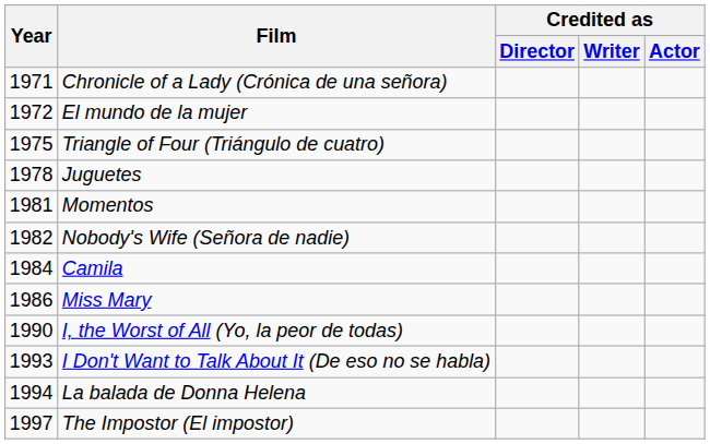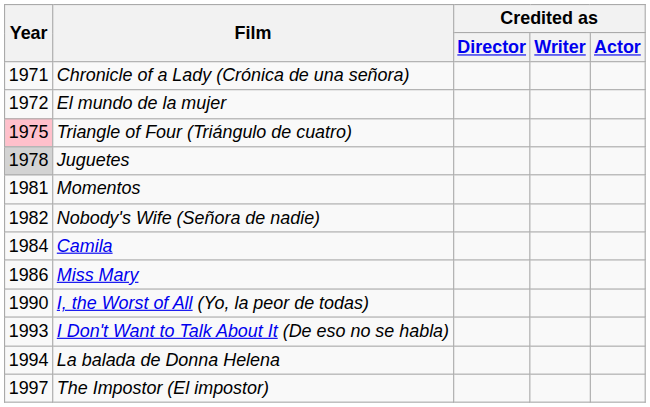 <table class="wikitable" border="1">
 <tr>
 <th rowspan="2" width="33">Year</th>
 <th rowspan="2">Film</th>
 <th colspan="5">Credited as</th>
 </tr>
 <tr>
 <th><a href='#'>Director</a></th>
 <th><a href='#'>Writer</a></th>
 <th><a href='#'>Actor</a></th>
 </tr>
 <tr>
 <td>1971</td>
 <td><em>Chronicle of a Lady (Crónica de una señora)</em></td>
 <td></td>
 <td></td>
 <td></td>
 </tr>
 <tr>
 <td>1972</td>
 <td><em>El mundo de la mujer</em></td>
 <td></td>
 <td></td>
 <td></td>
 </tr>
 <tr>
-<td>1975</td>
+<td style="background: pink;">1975</td>
 <td><em>Triangle of Four (Triángulo de cuatro)</em></td>
 <td></td>
 <td></td>
 <td></td>
 </tr>
 <tr>
-<td>1978</td>
+<td style="background: lightgrey;">1978</td>
 <td><em>Juguetes</em></td>
 <td></td>
 <td></td>
 <td></td>
 </tr>
 <tr>
 <td>1981</td>
 <td><em>Momentos</em></td>
 <td></td>
 <td></td>
 <td></td>
 </tr>
 <tr>
 <td>1982</td>
 <td><em>Nobody's Wife (Señora de nadie)</em></td>
 <td></td>
 <td></td>
 <td></td>
 </tr>
 <tr>
 <td>1984</td>
 <td><em><a href='#'>Camila</a></em></td>
 <td></td>
 <td></td>
 <td></td>
 </tr>
 <tr>
 <td>1986</td>
 <td><em><a href='#'>Miss Mary</a></em></td>
 <td></td>
 <td></td>
 <td></td>
 </tr>
 <tr>
 <td>1990</td>
 <td><em><a href='#'>I, the Worst of All</a> (Yo, la peor de todas)</em></td>
 <td></td>
 <td></td>
 <td></td>
 </tr>
 <tr>
 <td>1993</td>
 <td><em><a href='#'>I Don't Want to Talk About It</a> (De eso no se habla)</em></td>
 <td></td>
 <td></td>
 <td></td>
 </tr>
 <tr>
 <td>1994</td>
 <td><em>La balada de Donna Helena</em></td>
 <td></td>
 <td></td>
 <td></td>
 </tr>
 <tr>
 <td>1997</td>
 <td><em>The Impostor (El impostor)</em></td>
 <td></td>
 <td></td>
 <td></td>
 </tr>
 </table>
